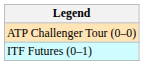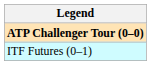 <table class=wikitable>
 <tr>
 <th>Legend</th>
 </tr>
 <tr bgcolor=moccasin>
-<td>ATP Challenger Tour (0–0)</td>
+<td><strong>ATP Challenger Tour (0–0)</strong></td>
 </tr>
 <tr bgcolor=CFFCFF>
 <td>ITF Futures (0–1)</td>
 </tr>
 </table>
